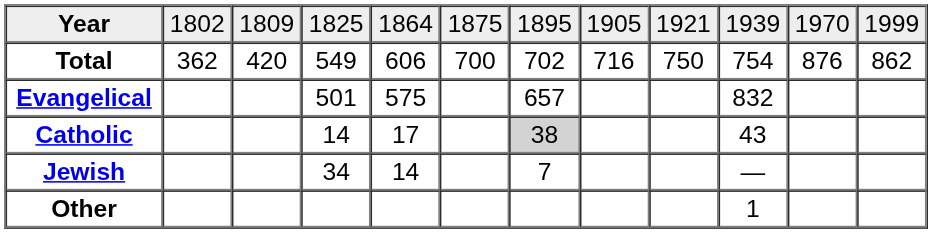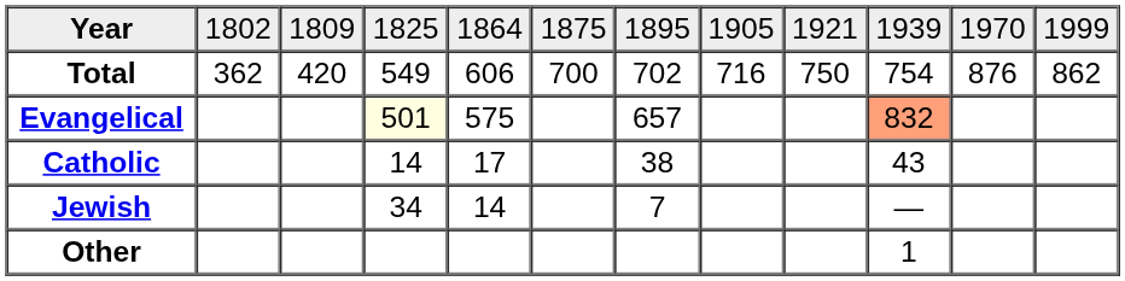 <table border="1" cellpadding="2" cellspacing="0" width="600">
 <tr bgcolor="#eeeeee" align="center">
 <td><strong>Year</strong></td>
 <td>1802</td>
 <td>1809</td>
 <td>1825</td>
 <td>1864</td>
 <td>1875</td>
 <td>1895</td>
 <td>1905</td>
 <td>1921</td>
 <td>1939</td>
 <td>1970</td>
 <td>1999</td>
 </tr>
 <tr align="center">
 <td><strong>Total</strong></td>
 <td>362</td>
 <td>420</td>
 <td>549</td>
 <td>606</td>
 <td>700</td>
 <td>702</td>
 <td>716</td>
 <td>750</td>
 <td>754</td>
 <td>876</td>
 <td>862</td>
 </tr>
 <tr align="center">
 <td><strong><a href='#'>Evangelical</a></strong></td>
 <td> </td>
 <td> </td>
-<td>501</td>
+<td style="background: lightyellow;">501</td>
 <td>575</td>
 <td> </td>
 <td>657</td>
 <td> </td>
 <td> </td>
-<td>832</td>
+<td style="background: lightsalmon;">832</td>
 <td> </td>
 <td> </td>
 </tr>
 <tr align="center">
 <td><strong><a href='#'>Catholic</a></strong></td>
 <td> </td>
 <td> </td>
 <td>14</td>
 <td>17</td>
 <td> </td>
-<td style="background: lightgrey;">38</td>
+<td>38</td>
 <td> </td>
 <td> </td>
 <td>43</td>
 <td> </td>
 <td> </td>
 </tr>
 <tr align="center">
 <td><strong><a href='#'>Jewish</a></strong></td>
 <td> </td>
 <td> </td>
 <td>34</td>
 <td>14</td>
 <td> </td>
 <td>7</td>
 <td> </td>
 <td> </td>
 <td>—</td>
 <td> </td>
 <td> </td>
 </tr>
 <tr align="center">
 <td><strong>Other</strong></td>
 <td> </td>
 <td> </td>
 <td> </td>
 <td> </td>
 <td> </td>
 <td> </td>
 <td> </td>
 <td> </td>
 <td>1</td>
 <td> </td>
 <td> </td>
 </tr>
 </table>
